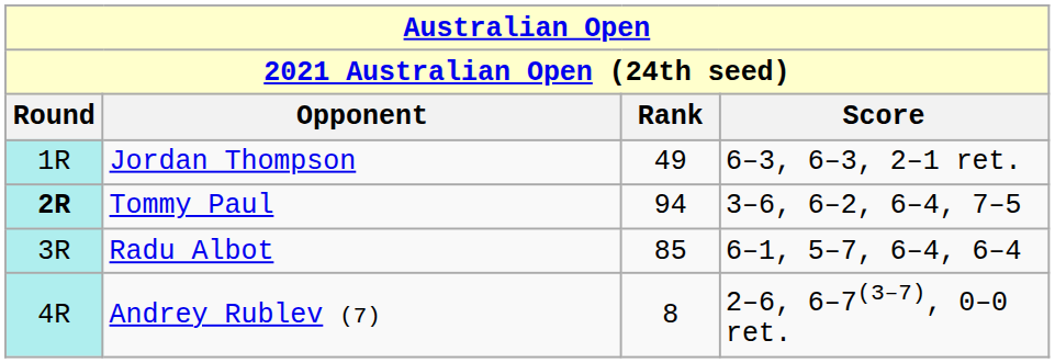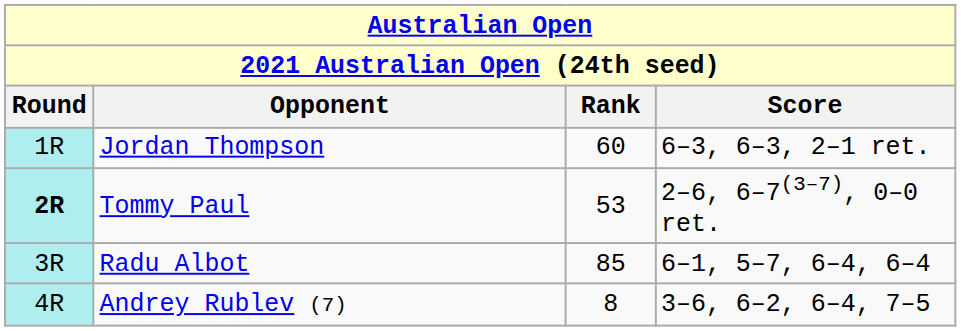 <table class="wikitable nowrap">
 <tr>
 <th colspan=4 style="background:#ffc;"><a href='#'>Australian Open</a></th>
 </tr>
 <tr>
 <th colspan=4 style="background:#ffc;"><a href='#'>2021 Australian Open</a> (24th seed)</th>
 </tr>
 <tr>
 <th width=40>Round</th>
 <th width=240>Opponent</th>
 <th width=40>Rank</th>
 <th width=150>Score</th>
 </tr>
 <tr>
 <td style="text-align:center; background:#afeeee;">1R</td>
 <td> <a href='#'>Jordan Thompson</a></td>
-<td style="text-align:center">49</td>
+<td style="text-align:center">60</td>
 <td>6–3, 6–3, 2–1 ret.</td>
 </tr>
 <tr>
 <td style="text-align:center; background:#afeeee;"><strong>2R</strong></td>
 <td> <a href='#'>Tommy Paul</a></td>
-<td style="text-align:center">94</td>
-<td>3–6, 6–2, 6–4, 7–5</td>
+<td style="text-align:center">53</td>
+<td>2–6, 6–7<sup>(3–7)</sup>, 0–0 ret.</td>
 </tr>
 <tr>
 <td style="text-align:center; background:#afeeee;">3R</td>
 <td> <a href='#'>Radu Albot</a></td>
 <td style="text-align:center">85</td>
 <td>6–1, 5–7, 6–4, 6–4</td>
 </tr>
 <tr>
 <td style="text-align:center; background:#afeeee;">4R</td>
 <td> <a href='#'>Andrey Rublev</a> <small>(7)</small></td>
 <td style="text-align:center">8</td>
-<td>2–6, 6–7<sup>(3–7)</sup>, 0–0 ret.</td>
+<td>3–6, 6–2, 6–4, 7–5</td>
 </tr>
 </table>
